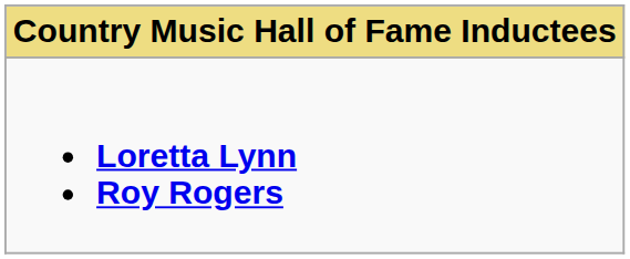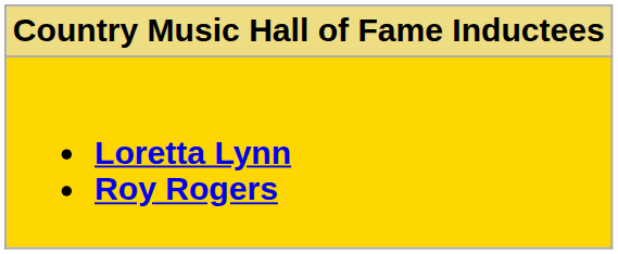 <table class="wikitable">
 <tr>
 <th style="background:#EEDD82; width=50%">Country Music Hall of Fame Inductees</th>
 </tr>
 <tr>
-<td valign="top"><br><ul><li><strong><a href='#'>Loretta Lynn</a></strong></li><li><strong><a href='#'>Roy Rogers</a></strong></li></ul></td>
+<td valign="top" style="background: gold;"><br><ul><li><strong><a href='#'>Loretta Lynn</a></strong></li><li><strong><a href='#'>Roy Rogers</a></strong></li></ul></td>
 </tr>
 </table>
